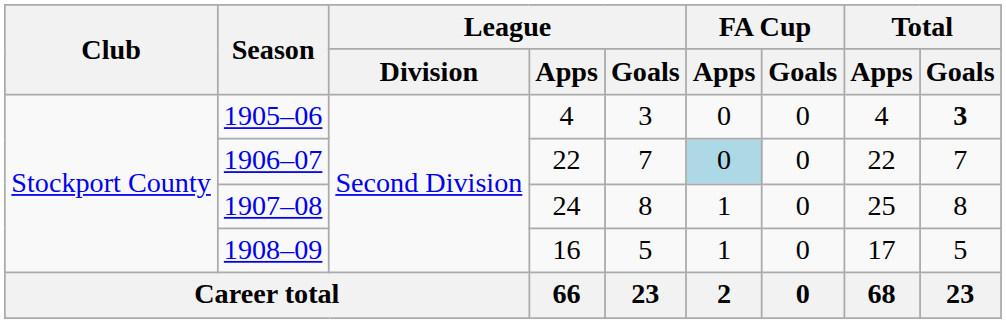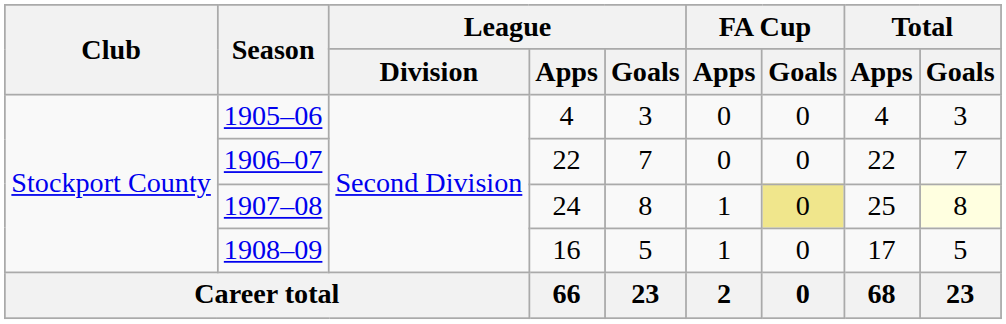 <table class="wikitable" style="text-align: center;">
 <tr>
 <th rowspan="2">Club</th>
 <th rowspan="2">Season</th>
 <th colspan="3">League</th>
 <th colspan="2">FA Cup</th>
 <th colspan="2">Total</th>
 </tr>
 <tr>
 <th>Division</th>
 <th>Apps</th>
 <th>Goals</th>
 <th>Apps</th>
 <th>Goals</th>
 <th>Apps</th>
 <th>Goals</th>
 </tr>
 <tr>
 <td rowspan="4"><a href='#'>Stockport County</a></td>
 <td><a href='#'>1905–06</a></td>
 <td rowspan="4"><a href='#'>Second Division</a></td>
 <td>4</td>
 <td>3</td>
 <td>0</td>
 <td>0</td>
 <td>4</td>
-<td><strong>3</strong></td>
+<td>3</td>
 </tr>
 <tr>
 <td><a href='#'>1906–07</a></td>
 <td>22</td>
 <td>7</td>
-<td style="background: lightblue;">0</td>
+<td>0</td>
 <td>0</td>
 <td>22</td>
 <td>7</td>
 </tr>
 <tr>
 <td><a href='#'>1907–08</a></td>
 <td>24</td>
 <td>8</td>
 <td>1</td>
-<td>0</td>
+<td style="background: khaki;">0</td>
 <td>25</td>
-<td>8</td>
+<td style="background: lightyellow;">8</td>
 </tr>
 <tr>
 <td><a href='#'>1908–09</a></td>
 <td>16</td>
 <td>5</td>
 <td>1</td>
 <td>0</td>
 <td>17</td>
 <td>5</td>
 </tr>
 <tr>
 <th colspan="3">Career total</th>
 <th>66</th>
 <th>23</th>
 <th>2</th>
 <th>0</th>
 <th>68</th>
 <th>23</th>
 </tr>
 </table>
